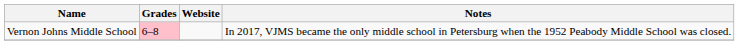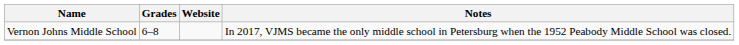 <table class="wikitable">
 <tr>
 <th>Name</th>
 <th>Grades</th>
 <th>Website</th>
 <th>Notes</th>
 </tr>
 <tr>
 <td>Vernon Johns Middle School</td>
-<td style="background: pink;">6–8</td>
+<td>6–8</td>
 <td></td>
 <td>In 2017, VJMS became the only middle school in Petersburg when the 1952 Peabody Middle School was closed.</td>
 </tr>
 <tr>
 </tr>
 </table>
